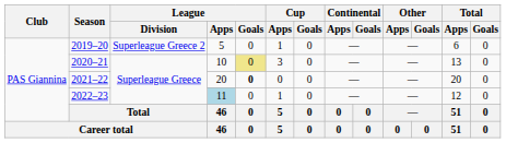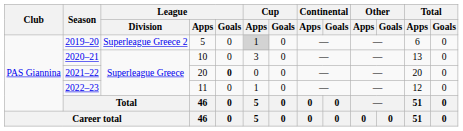 <table class="wikitable" style="text-align: center">
 <tr>
 <th rowspan="2">Club</th>
 <th rowspan="2">Season</th>
 <th colspan="3">League</th>
 <th colspan="2">Cup</th>
 <th colspan="2">Continental</th>
 <th colspan="2">Other</th>
 <th colspan="2">Total</th>
 </tr>
 <tr>
 <th>Division</th>
 <th>Apps</th>
 <th>Goals</th>
 <th>Apps</th>
 <th>Goals</th>
 <th>Apps</th>
 <th>Goals</th>
 <th>Apps</th>
 <th>Goals</th>
 <th>Apps</th>
 <th>Goals</th>
 </tr>
 <tr>
 <td rowspan="5"><a href='#'>PAS Giannina</a></td>
 <td><a href='#'>2019–20</a></td>
 <td><a href='#'>Superleague Greece 2</a></td>
 <td>5</td>
 <td>0</td>
-<td>1</td>
+<td style="background: lightgrey;">1</td>
 <td>0</td>
 <td colspan="2">—</td>
 <td colspan="2">—</td>
 <td>6</td>
 <td>0</td>
 </tr>
 <tr>
 <td><a href='#'>2020–21</a></td>
 <td rowspan="3"><a href='#'>Superleague Greece</a></td>
 <td>10</td>
-<td style="background: khaki;">0</td>
+<td>0</td>
 <td>3</td>
 <td>0</td>
 <td colspan="2">—</td>
 <td colspan="2">—</td>
 <td>13</td>
 <td>0</td>
 </tr>
 <tr>
 <td><a href='#'>2021–22</a></td>
 <td>20</td>
 <td><strong>0</strong></td>
 <td>0</td>
 <td>0</td>
 <td colspan="2">—</td>
 <td colspan="2">—</td>
 <td>20</td>
 <td>0</td>
 </tr>
 <tr>
 <td><a href='#'>2022–23</a></td>
-<td style="background: lightblue;">11</td>
+<td>11</td>
 <td>0</td>
 <td>1</td>
 <td>0</td>
 <td colspan="2">—</td>
 <td colspan="2">—</td>
 <td>12</td>
 <td>0</td>
 </tr>
 <tr>
 <th colspan="2">Total</th>
 <th>46</th>
 <th>0</th>
 <th>5</th>
 <th>0</th>
 <th>0</th>
 <th>0</th>
 <th colspan="2">—</th>
 <th>51</th>
 <th>0</th>
 </tr>
 <tr>
 <th colspan="3">Career total</th>
 <th>46</th>
 <th>0</th>
 <th>5</th>
 <th>0</th>
 <th>0</th>
 <th>0</th>
 <th>0</th>
 <th>0</th>
 <th>51</th>
 <th>0</th>
 </tr>
 </table>
